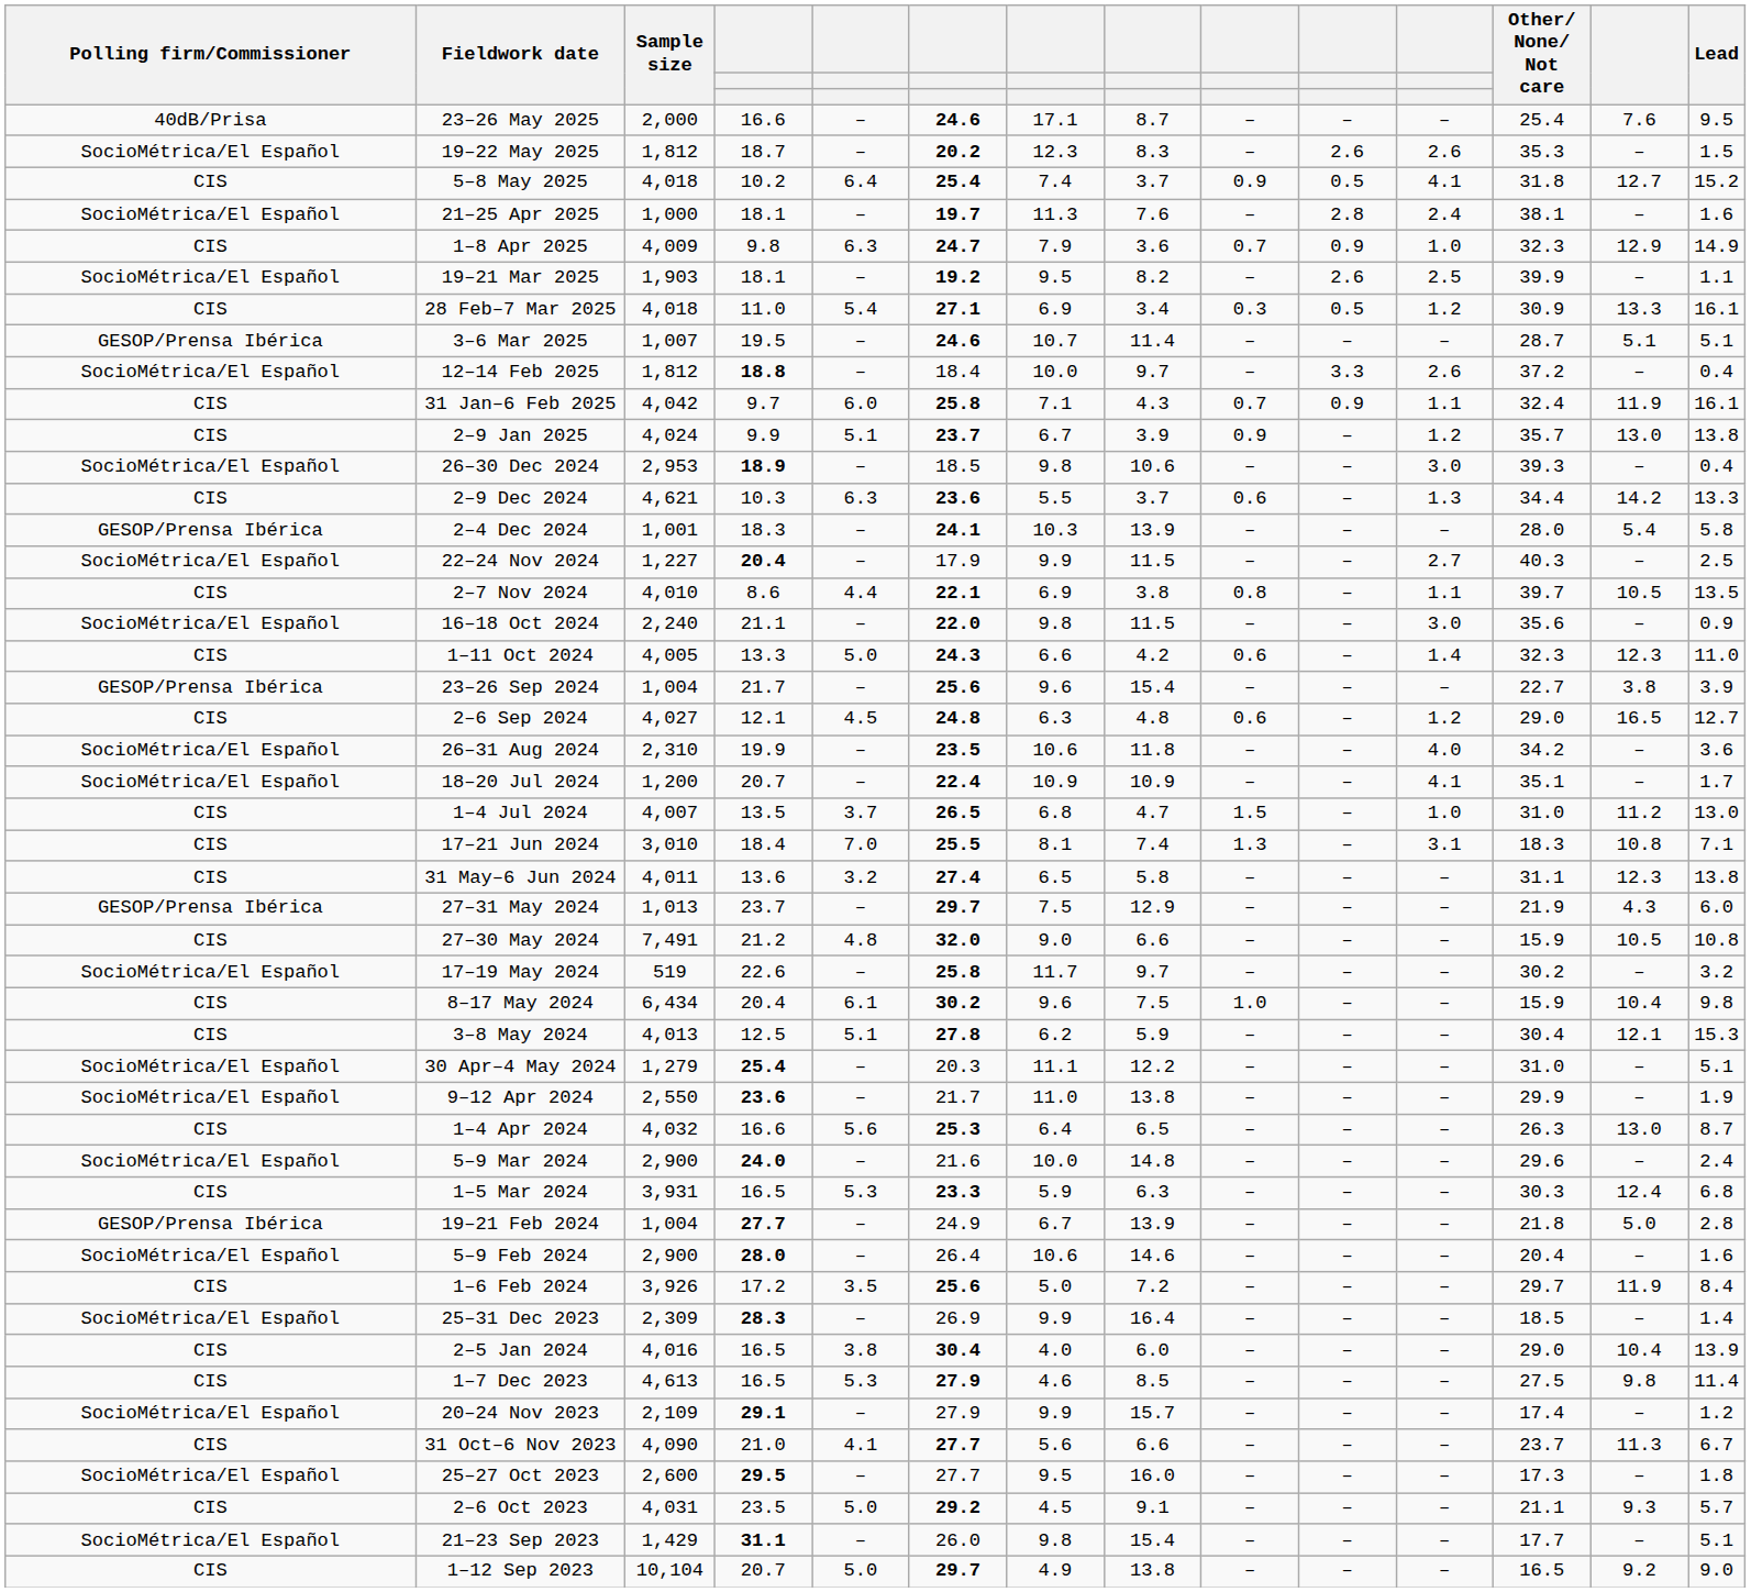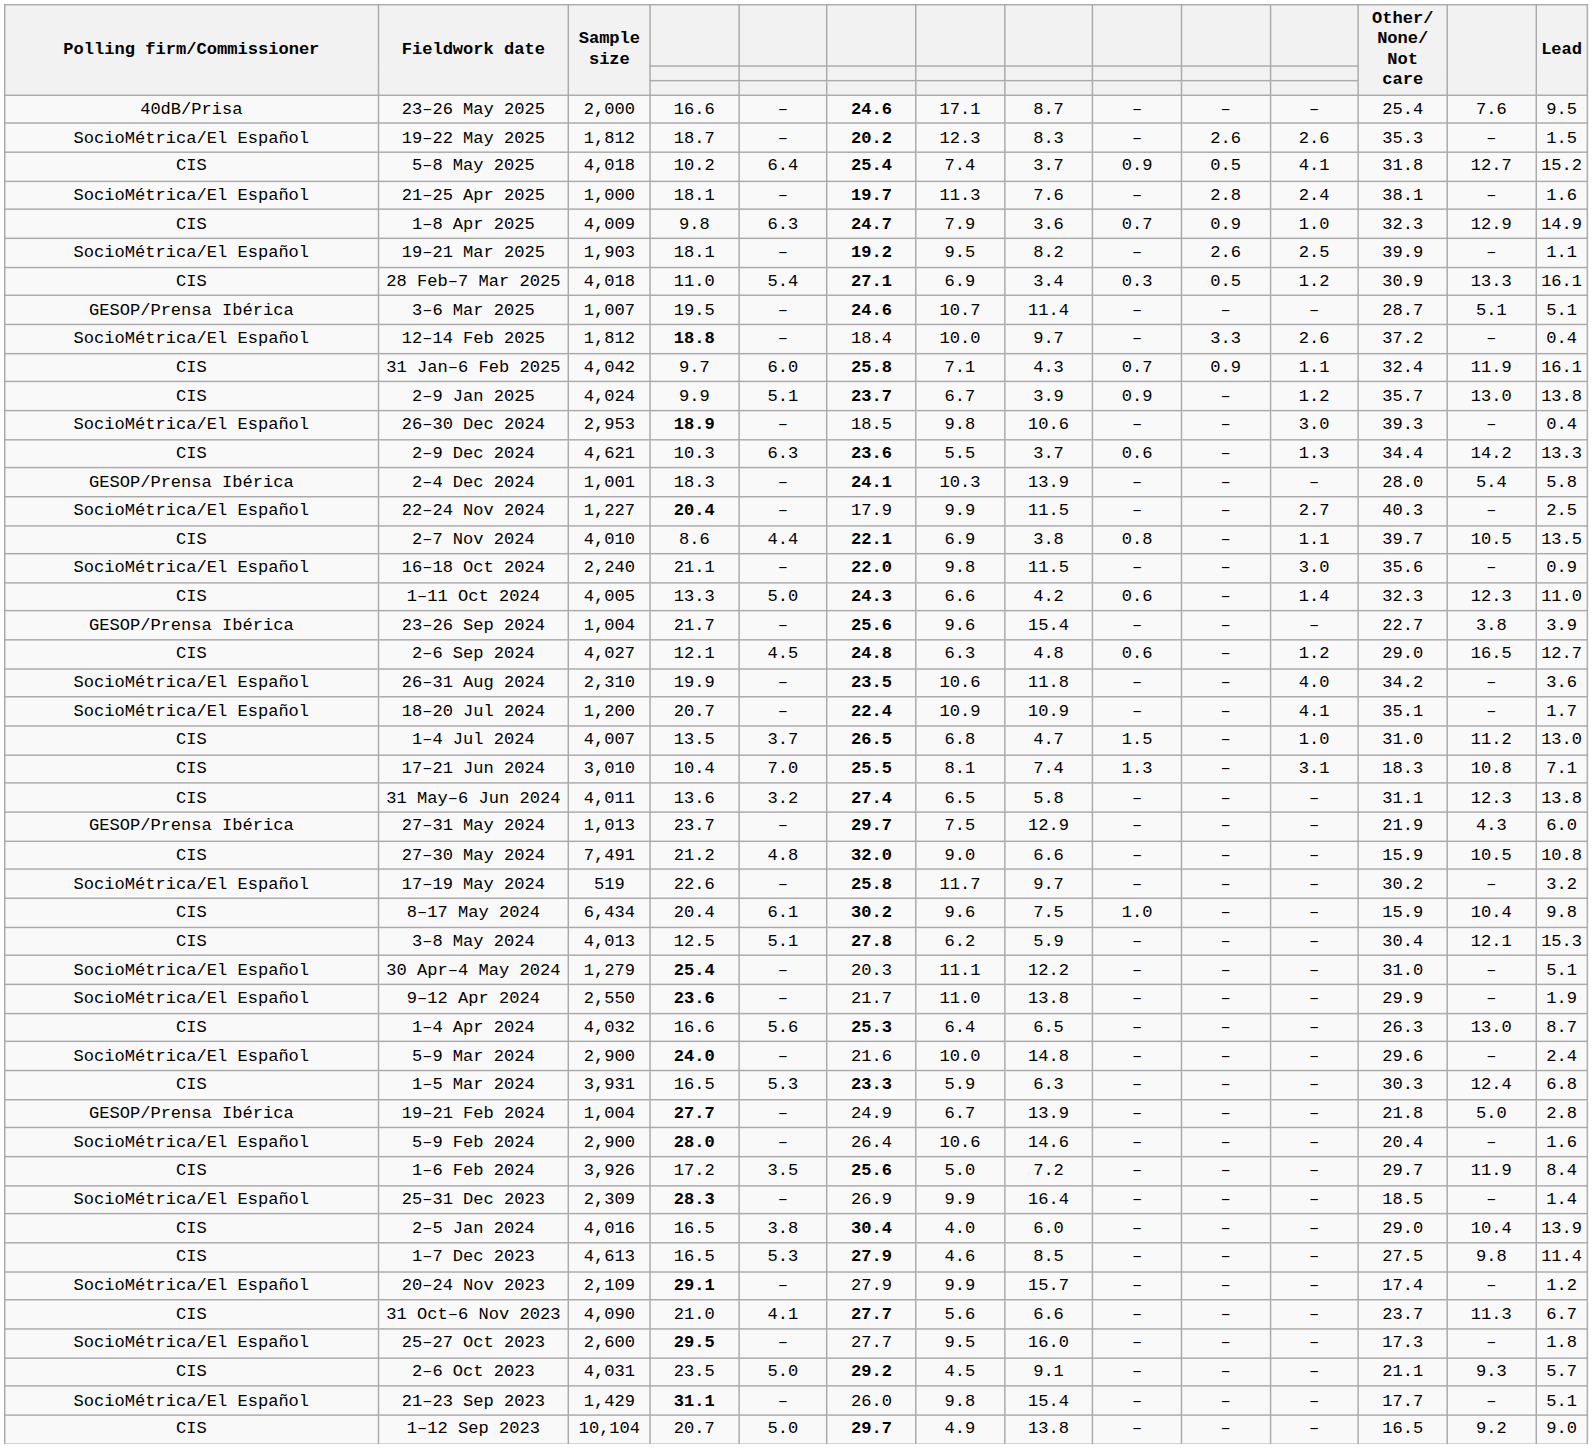 <table class="wikitable collapsible collapsed" style="text-align:center; font-size:90%; line-height:14px;">
 <tr style="height:42px;">
 <th style="width:250px;" rowspan="3">Polling firm/Commissioner</th>
 <th style="width:125px;" rowspan="3">Fieldwork date</th>
 <th style="width:50px;" rowspan="3">Sample size</th>
 <th style="width:55px;"></th>
 <th style="width:55px;"></th>
 <th style="width:55px;"></th>
 <th style="width:55px;"></th>
 <th style="width:55px;"></th>
 <th style="width:55px;"></th>
 <th style="width:55px;"></th>
 <th style="width:55px;"></th>
 <th style="width:55px;" rowspan="3">Other/<br>None/<br>Not<br>care</th>
 <th style="width:55px;" rowspan="3"></th>
 <th style="width:30px;" rowspan="3">Lead</th>
 </tr>
 <tr>
 <th style="color:inherit;background:"></th>
 <th style="color:inherit;background:"></th>
 <th style="color:inherit;background:"></th>
 <th style="color:inherit;background:"></th>
 <th style="color:inherit;background:"></th>
 <th style="color:inherit;background:"></th>
 <th style="color:inherit;background:"></th>
 <th style="color:inherit;background:"></th>
 </tr>
 <tr>
 <th></th>
 <th></th>
 <th></th>
 <th></th>
 <th></th>
 <th></th>
 <th></th>
 <th></th>
 </tr>
 <tr>
 <td>40dB/Prisa</td>
 <td>23–26 May 2025</td>
 <td>2,000</td>
 <td>16.6</td>
 <td>–</td>
 <td><strong>24.6</strong></td>
 <td>17.1</td>
 <td>8.7</td>
 <td>–</td>
 <td>–</td>
 <td>–</td>
 <td>25.4</td>
 <td>7.6</td>
 <td style="background:">9.5</td>
 </tr>
 <tr>
 <td>SocioMétrica/El Español</td>
 <td>19–22 May 2025</td>
 <td>1,812</td>
 <td>18.7</td>
 <td>–</td>
 <td><strong>20.2</strong></td>
 <td>12.3</td>
 <td>8.3</td>
 <td>–</td>
 <td>2.6</td>
 <td>2.6</td>
 <td>35.3</td>
 <td>–</td>
 <td style="background:">1.5</td>
 </tr>
 <tr>
 <td>CIS</td>
 <td>5–8 May 2025</td>
 <td>4,018</td>
 <td>10.2</td>
 <td>6.4</td>
 <td><strong>25.4</strong></td>
 <td>7.4</td>
 <td>3.7</td>
 <td>0.9</td>
 <td>0.5</td>
 <td>4.1</td>
 <td>31.8</td>
 <td>12.7</td>
 <td style="background:">15.2</td>
 </tr>
 <tr>
 <td>SocioMétrica/El Español</td>
 <td>21–25 Apr 2025</td>
 <td>1,000</td>
 <td>18.1</td>
 <td>–</td>
 <td><strong>19.7</strong></td>
 <td>11.3</td>
 <td>7.6</td>
 <td>–</td>
 <td>2.8</td>
 <td>2.4</td>
 <td>38.1</td>
 <td>–</td>
 <td style="background:">1.6</td>
 </tr>
 <tr>
 <td>CIS</td>
 <td>1–8 Apr 2025</td>
 <td>4,009</td>
 <td>9.8</td>
 <td>6.3</td>
 <td><strong>24.7</strong></td>
 <td>7.9</td>
 <td>3.6</td>
 <td>0.7</td>
 <td>0.9</td>
 <td>1.0</td>
 <td>32.3</td>
 <td>12.9</td>
 <td style="background:">14.9</td>
 </tr>
 <tr>
 <td>SocioMétrica/El Español</td>
 <td>19–21 Mar 2025</td>
 <td>1,903</td>
 <td>18.1</td>
 <td>–</td>
 <td><strong>19.2</strong></td>
 <td>9.5</td>
 <td>8.2</td>
 <td>–</td>
 <td>2.6</td>
 <td>2.5</td>
 <td>39.9</td>
 <td>–</td>
 <td style="background:">1.1</td>
 </tr>
 <tr>
 <td>CIS</td>
 <td>28 Feb–7 Mar 2025</td>
 <td>4,018</td>
 <td>11.0</td>
 <td>5.4</td>
 <td><strong>27.1</strong></td>
 <td>6.9</td>
 <td>3.4</td>
 <td>0.3</td>
 <td>0.5</td>
 <td>1.2</td>
 <td>30.9</td>
 <td>13.3</td>
 <td style="background:">16.1</td>
 </tr>
 <tr>
 <td>GESOP/Prensa Ibérica</td>
 <td>3–6 Mar 2025</td>
 <td>1,007</td>
 <td>19.5</td>
 <td>–</td>
 <td><strong>24.6</strong></td>
 <td>10.7</td>
 <td>11.4</td>
 <td>–</td>
 <td>–</td>
 <td>–</td>
 <td>28.7</td>
 <td>5.1</td>
 <td style="background:">5.1</td>
 </tr>
 <tr>
 <td>SocioMétrica/El Español</td>
 <td>12–14 Feb 2025</td>
 <td>1,812</td>
 <td><strong>18.8</strong></td>
 <td>–</td>
 <td>18.4</td>
 <td>10.0</td>
 <td>9.7</td>
 <td>–</td>
 <td>3.3</td>
 <td>2.6</td>
 <td>37.2</td>
 <td>–</td>
 <td style="background:">0.4</td>
 </tr>
 <tr>
 <td>CIS</td>
 <td>31 Jan–6 Feb 2025</td>
 <td>4,042</td>
 <td>9.7</td>
 <td>6.0</td>
 <td><strong>25.8</strong></td>
 <td>7.1</td>
 <td>4.3</td>
 <td>0.7</td>
 <td>0.9</td>
 <td>1.1</td>
 <td>32.4</td>
 <td>11.9</td>
 <td style="background:">16.1</td>
 </tr>
 <tr>
 <td>CIS</td>
 <td>2–9 Jan 2025</td>
 <td>4,024</td>
 <td>9.9</td>
 <td>5.1</td>
 <td><strong>23.7</strong></td>
 <td>6.7</td>
 <td>3.9</td>
 <td>0.9</td>
 <td>–</td>
 <td>1.2</td>
 <td>35.7</td>
 <td>13.0</td>
 <td style="background:">13.8</td>
 </tr>
 <tr>
 <td>SocioMétrica/El Español</td>
 <td>26–30 Dec 2024</td>
 <td>2,953</td>
 <td><strong>18.9</strong></td>
 <td>–</td>
 <td>18.5</td>
 <td>9.8</td>
 <td>10.6</td>
 <td>–</td>
 <td>–</td>
 <td>3.0</td>
 <td>39.3</td>
 <td>–</td>
 <td style="background:">0.4</td>
 </tr>
 <tr>
 <td>CIS</td>
 <td>2–9 Dec 2024</td>
 <td>4,621</td>
 <td>10.3</td>
 <td>6.3</td>
 <td><strong>23.6</strong></td>
 <td>5.5</td>
 <td>3.7</td>
 <td>0.6</td>
 <td>–</td>
 <td>1.3</td>
 <td>34.4</td>
 <td>14.2</td>
 <td style="background:">13.3</td>
 </tr>
 <tr>
 <td>GESOP/Prensa Ibérica</td>
 <td>2–4 Dec 2024</td>
 <td>1,001</td>
 <td>18.3</td>
 <td>–</td>
 <td><strong>24.1</strong></td>
 <td>10.3</td>
 <td>13.9</td>
 <td>–</td>
 <td>–</td>
 <td>–</td>
 <td>28.0</td>
 <td>5.4</td>
 <td style="background:">5.8</td>
 </tr>
 <tr>
 <td>SocioMétrica/El Español</td>
 <td>22–24 Nov 2024</td>
 <td>1,227</td>
 <td><strong>20.4</strong></td>
 <td>–</td>
 <td>17.9</td>
 <td>9.9</td>
 <td>11.5</td>
 <td>–</td>
 <td>–</td>
 <td>2.7</td>
 <td>40.3</td>
 <td>–</td>
 <td style="background:">2.5</td>
 </tr>
 <tr>
 <td>CIS</td>
 <td>2–7 Nov 2024</td>
 <td>4,010</td>
 <td>8.6</td>
 <td>4.4</td>
 <td><strong>22.1</strong></td>
 <td>6.9</td>
 <td>3.8</td>
 <td>0.8</td>
 <td>–</td>
 <td>1.1</td>
 <td>39.7</td>
 <td>10.5</td>
 <td style="background:">13.5</td>
 </tr>
 <tr>
 <td>SocioMétrica/El Español</td>
 <td>16–18 Oct 2024</td>
 <td>2,240</td>
 <td>21.1</td>
 <td>–</td>
 <td><strong>22.0</strong></td>
 <td>9.8</td>
 <td>11.5</td>
 <td>–</td>
 <td>–</td>
 <td>3.0</td>
 <td>35.6</td>
 <td>–</td>
 <td style="background:">0.9</td>
 </tr>
 <tr>
 <td>CIS</td>
 <td>1–11 Oct 2024</td>
 <td>4,005</td>
 <td>13.3</td>
 <td>5.0</td>
 <td><strong>24.3</strong></td>
 <td>6.6</td>
 <td>4.2</td>
 <td>0.6</td>
 <td>–</td>
 <td>1.4</td>
 <td>32.3</td>
 <td>12.3</td>
 <td style="background:">11.0</td>
 </tr>
 <tr>
 <td>GESOP/Prensa Ibérica</td>
 <td>23–26 Sep 2024</td>
 <td>1,004</td>
 <td>21.7</td>
 <td>–</td>
 <td><strong>25.6</strong></td>
 <td>9.6</td>
 <td>15.4</td>
 <td>–</td>
 <td>–</td>
 <td>–</td>
 <td>22.7</td>
 <td>3.8</td>
 <td style="background:">3.9</td>
 </tr>
 <tr>
 <td>CIS</td>
 <td>2–6 Sep 2024</td>
 <td>4,027</td>
 <td>12.1</td>
 <td>4.5</td>
 <td><strong>24.8</strong></td>
 <td>6.3</td>
 <td>4.8</td>
 <td>0.6</td>
 <td>–</td>
 <td>1.2</td>
 <td>29.0</td>
 <td>16.5</td>
 <td style="background:">12.7</td>
 </tr>
 <tr>
 <td>SocioMétrica/El Español</td>
 <td>26–31 Aug 2024</td>
 <td>2,310</td>
 <td>19.9</td>
 <td>–</td>
 <td><strong>23.5</strong></td>
 <td>10.6</td>
 <td>11.8</td>
 <td>–</td>
 <td>–</td>
 <td>4.0</td>
 <td>34.2</td>
 <td>–</td>
 <td style="background:">3.6</td>
 </tr>
 <tr>
 <td>SocioMétrica/El Español</td>
 <td>18–20 Jul 2024</td>
 <td>1,200</td>
 <td>20.7</td>
 <td>–</td>
 <td><strong>22.4</strong></td>
 <td>10.9</td>
 <td>10.9</td>
 <td>–</td>
 <td>–</td>
 <td>4.1</td>
 <td>35.1</td>
 <td>–</td>
 <td style="background:">1.7</td>
 </tr>
 <tr>
 <td>CIS</td>
 <td>1–4 Jul 2024</td>
 <td>4,007</td>
 <td>13.5</td>
 <td>3.7</td>
 <td><strong>26.5</strong></td>
 <td>6.8</td>
 <td>4.7</td>
 <td>1.5</td>
 <td>–</td>
 <td>1.0</td>
 <td>31.0</td>
 <td>11.2</td>
 <td style="background:">13.0</td>
 </tr>
 <tr>
 <td>CIS</td>
 <td>17–21 Jun 2024</td>
 <td>3,010</td>
-<td>18.4</td>
+<td>10.4</td>
 <td>7.0</td>
 <td><strong>25.5</strong></td>
 <td>8.1</td>
 <td>7.4</td>
 <td>1.3</td>
 <td>–</td>
 <td>3.1</td>
 <td>18.3</td>
 <td>10.8</td>
 <td style="background:">7.1</td>
 </tr>
 <tr>
 <td>CIS</td>
 <td>31 May–6 Jun 2024</td>
 <td>4,011</td>
 <td>13.6</td>
 <td>3.2</td>
 <td><strong>27.4</strong></td>
 <td>6.5</td>
 <td>5.8</td>
 <td>–</td>
 <td>–</td>
 <td>–</td>
 <td>31.1</td>
 <td>12.3</td>
 <td style="background:">13.8</td>
 </tr>
 <tr>
 <td>GESOP/Prensa Ibérica</td>
 <td>27–31 May 2024</td>
 <td>1,013</td>
 <td>23.7</td>
 <td>–</td>
 <td><strong>29.7</strong></td>
 <td>7.5</td>
 <td>12.9</td>
 <td>–</td>
 <td>–</td>
 <td>–</td>
 <td>21.9</td>
 <td>4.3</td>
 <td style="background:">6.0</td>
 </tr>
 <tr>
 <td>CIS</td>
 <td>27–30 May 2024</td>
 <td>7,491</td>
 <td>21.2</td>
 <td>4.8</td>
 <td><strong>32.0</strong></td>
 <td>9.0</td>
 <td>6.6</td>
 <td>–</td>
 <td>–</td>
 <td>–</td>
 <td>15.9</td>
 <td>10.5</td>
 <td style="background:">10.8</td>
 </tr>
 <tr>
 <td>SocioMétrica/El Español</td>
 <td>17–19 May 2024</td>
 <td>519</td>
 <td>22.6</td>
 <td>–</td>
 <td><strong>25.8</strong></td>
 <td>11.7</td>
 <td>9.7</td>
 <td>–</td>
 <td>–</td>
 <td>–</td>
 <td>30.2</td>
 <td>–</td>
 <td style="background:">3.2</td>
 </tr>
 <tr>
 <td>CIS</td>
 <td>8–17 May 2024</td>
 <td>6,434</td>
 <td>20.4</td>
 <td>6.1</td>
 <td><strong>30.2</strong></td>
 <td>9.6</td>
 <td>7.5</td>
 <td>1.0</td>
 <td>–</td>
 <td>–</td>
 <td>15.9</td>
 <td>10.4</td>
 <td style="background:">9.8</td>
 </tr>
 <tr>
 <td>CIS</td>
 <td>3–8 May 2024</td>
 <td>4,013</td>
 <td>12.5</td>
 <td>5.1</td>
 <td><strong>27.8</strong></td>
 <td>6.2</td>
 <td>5.9</td>
 <td>–</td>
 <td>–</td>
 <td>–</td>
 <td>30.4</td>
 <td>12.1</td>
 <td style="background:">15.3</td>
 </tr>
 <tr>
 <td>SocioMétrica/El Español</td>
 <td>30 Apr–4 May 2024</td>
 <td>1,279</td>
 <td><strong>25.4</strong></td>
 <td>–</td>
 <td>20.3</td>
 <td>11.1</td>
 <td>12.2</td>
 <td>–</td>
 <td>–</td>
 <td>–</td>
 <td>31.0</td>
 <td>–</td>
 <td style="background:">5.1</td>
 </tr>
 <tr>
 <td>SocioMétrica/El Español</td>
 <td>9–12 Apr 2024</td>
 <td>2,550</td>
 <td><strong>23.6</strong></td>
 <td>–</td>
 <td>21.7</td>
 <td>11.0</td>
 <td>13.8</td>
 <td>–</td>
 <td>–</td>
 <td>–</td>
 <td>29.9</td>
 <td>–</td>
 <td style="background:">1.9</td>
 </tr>
 <tr>
 <td>CIS</td>
 <td>1–4 Apr 2024</td>
 <td>4,032</td>
 <td>16.6</td>
 <td>5.6</td>
 <td><strong>25.3</strong></td>
 <td>6.4</td>
 <td>6.5</td>
 <td>–</td>
 <td>–</td>
 <td>–</td>
 <td>26.3</td>
 <td>13.0</td>
 <td style="background:">8.7</td>
 </tr>
 <tr>
 <td>SocioMétrica/El Español</td>
 <td>5–9 Mar 2024</td>
 <td>2,900</td>
 <td><strong>24.0</strong></td>
 <td>–</td>
 <td>21.6</td>
 <td>10.0</td>
 <td>14.8</td>
 <td>–</td>
 <td>–</td>
 <td>–</td>
 <td>29.6</td>
 <td>–</td>
 <td style="background:">2.4</td>
 </tr>
 <tr>
 <td>CIS</td>
 <td>1–5 Mar 2024</td>
 <td>3,931</td>
 <td>16.5</td>
 <td>5.3</td>
 <td><strong>23.3</strong></td>
 <td>5.9</td>
 <td>6.3</td>
 <td>–</td>
 <td>–</td>
 <td>–</td>
 <td>30.3</td>
 <td>12.4</td>
 <td style="background:">6.8</td>
 </tr>
 <tr>
 <td>GESOP/Prensa Ibérica</td>
 <td>19–21 Feb 2024</td>
 <td>1,004</td>
 <td><strong>27.7</strong></td>
 <td>–</td>
 <td>24.9</td>
 <td>6.7</td>
 <td>13.9</td>
 <td>–</td>
 <td>–</td>
 <td>–</td>
 <td>21.8</td>
 <td>5.0</td>
 <td style="background:">2.8</td>
 </tr>
 <tr>
 <td>SocioMétrica/El Español</td>
 <td>5–9 Feb 2024</td>
 <td>2,900</td>
 <td><strong>28.0</strong></td>
 <td>–</td>
 <td>26.4</td>
 <td>10.6</td>
 <td>14.6</td>
 <td>–</td>
 <td>–</td>
 <td>–</td>
 <td>20.4</td>
 <td>–</td>
 <td style="background:">1.6</td>
 </tr>
 <tr>
 <td>CIS</td>
 <td>1–6 Feb 2024</td>
 <td>3,926</td>
 <td>17.2</td>
 <td>3.5</td>
 <td><strong>25.6</strong></td>
 <td>5.0</td>
 <td>7.2</td>
 <td>–</td>
 <td>–</td>
 <td>–</td>
 <td>29.7</td>
 <td>11.9</td>
 <td style="background:">8.4</td>
 </tr>
 <tr>
 <td>SocioMétrica/El Español</td>
 <td>25–31 Dec 2023</td>
 <td>2,309</td>
 <td><strong>28.3</strong></td>
 <td>–</td>
 <td>26.9</td>
 <td>9.9</td>
 <td>16.4</td>
 <td>–</td>
 <td>–</td>
 <td>–</td>
 <td>18.5</td>
 <td>–</td>
 <td style="background:">1.4</td>
 </tr>
 <tr>
 <td>CIS</td>
 <td>2–5 Jan 2024</td>
 <td>4,016</td>
 <td>16.5</td>
 <td>3.8</td>
 <td><strong>30.4</strong></td>
 <td>4.0</td>
 <td>6.0</td>
 <td>–</td>
 <td>–</td>
 <td>–</td>
 <td>29.0</td>
 <td>10.4</td>
 <td style="background:">13.9</td>
 </tr>
 <tr>
 <td>CIS</td>
 <td>1–7 Dec 2023</td>
 <td>4,613</td>
 <td>16.5</td>
 <td>5.3</td>
 <td><strong>27.9</strong></td>
 <td>4.6</td>
 <td>8.5</td>
 <td>–</td>
 <td>–</td>
 <td>–</td>
 <td>27.5</td>
 <td>9.8</td>
 <td style="background:">11.4</td>
 </tr>
 <tr>
 <td>SocioMétrica/El Español</td>
 <td>20–24 Nov 2023</td>
 <td>2,109</td>
 <td><strong>29.1</strong></td>
 <td>–</td>
 <td>27.9</td>
 <td>9.9</td>
 <td>15.7</td>
 <td>–</td>
 <td>–</td>
 <td>–</td>
 <td>17.4</td>
 <td>–</td>
 <td style="background:">1.2</td>
 </tr>
 <tr>
 <td>CIS</td>
 <td>31 Oct–6 Nov 2023</td>
 <td>4,090</td>
 <td>21.0</td>
 <td>4.1</td>
 <td><strong>27.7</strong></td>
 <td>5.6</td>
 <td>6.6</td>
 <td>–</td>
 <td>–</td>
 <td>–</td>
 <td>23.7</td>
 <td>11.3</td>
 <td style="background:">6.7</td>
 </tr>
 <tr>
 <td>SocioMétrica/El Español</td>
 <td>25–27 Oct 2023</td>
 <td>2,600</td>
 <td><strong>29.5</strong></td>
 <td>–</td>
 <td>27.7</td>
 <td>9.5</td>
 <td>16.0</td>
 <td>–</td>
 <td>–</td>
 <td>–</td>
 <td>17.3</td>
 <td>–</td>
 <td style="background:">1.8</td>
 </tr>
 <tr>
 <td>CIS</td>
 <td>2–6 Oct 2023</td>
 <td>4,031</td>
 <td>23.5</td>
 <td>5.0</td>
 <td><strong>29.2</strong></td>
 <td>4.5</td>
 <td>9.1</td>
 <td>–</td>
 <td>–</td>
 <td>–</td>
 <td>21.1</td>
 <td>9.3</td>
 <td style="background:">5.7</td>
 </tr>
 <tr>
 <td>SocioMétrica/El Español</td>
 <td>21–23 Sep 2023</td>
 <td>1,429</td>
 <td><strong>31.1</strong></td>
 <td>–</td>
 <td>26.0</td>
 <td>9.8</td>
 <td>15.4</td>
 <td>–</td>
 <td>–</td>
 <td>–</td>
 <td>17.7</td>
 <td>–</td>
 <td style="background:">5.1</td>
 </tr>
 <tr>
 <td>CIS</td>
 <td>1–12 Sep 2023</td>
 <td>10,104</td>
 <td>20.7</td>
 <td>5.0</td>
 <td><strong>29.7</strong></td>
 <td>4.9</td>
 <td>13.8</td>
 <td>–</td>
 <td>–</td>
 <td>–</td>
 <td>16.5</td>
 <td>9.2</td>
 <td style="background:">9.0</td>
 </tr>
 </table>
